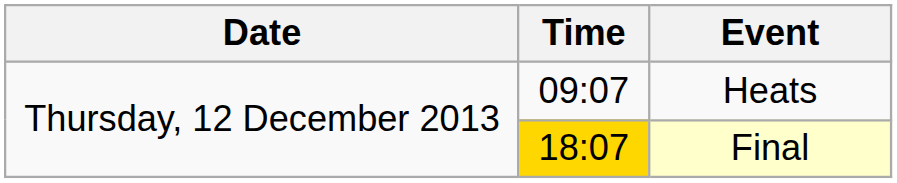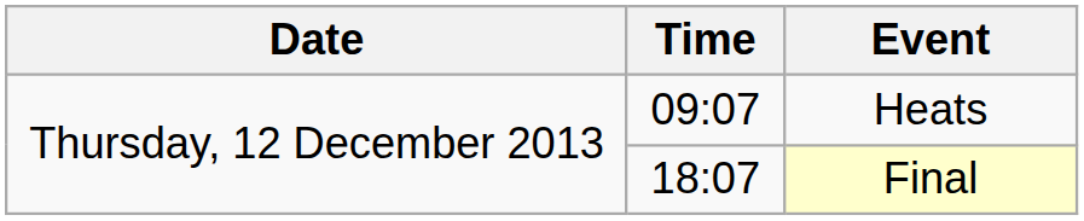 <table class = "wikitable" style="text-align:center;">
 <tr>
 <th width=220>Date</th>
 <th width=50>Time</th>
 <th width=100>Event</th>
 </tr>
 <tr>
 <td rowspan=2>Thursday, 12 December 2013</td>
 <td>09:07</td>
 <td>Heats</td>
 </tr>
 <tr>
-<td style="background: gold;">18:07</td>
+<td>18:07</td>
 <td bgcolor=ffffcc>Final</td>
 </tr>
 </table>
